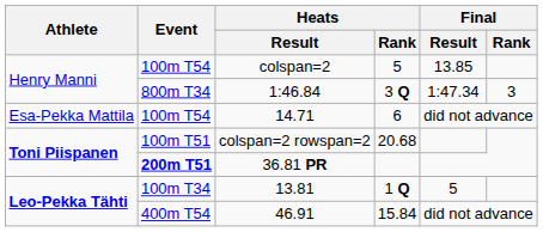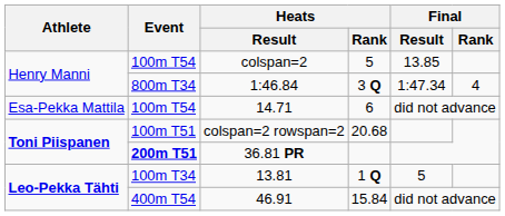 <table class=wikitable style="font-size:90%">
 <tr>
 <th rowspan="2">Athlete</th>
 <th rowspan="2">Event</th>
 <th colspan="2">Heats</th>
 <th colspan="2">Final</th>
 </tr>
 <tr>
 <th>Result</th>
 <th>Rank</th>
 <th>Result</th>
 <th>Rank</th>
 </tr>
 <tr align=center>
 <td align=left rowspan=2><a href='#'>Henry Manni</a></td>
 <td align=left><a href='#'>100m T54</a></td>
 <td>colspan=2 </td>
 <td>5</td>
 <td>13.85</td>
 </tr>
 <tr align=center>
 <td align=left><a href='#'>800m T34</a></td>
 <td>1:46.84</td>
 <td>3 <strong>Q</strong></td>
 <td>1:47.34</td>
-<td>3</td>
+<td>4</td>
 </tr>
 <tr align=center>
 <td align=left><a href='#'>Esa-Pekka Mattila</a></td>
 <td align=left><a href='#'>100m T54</a></td>
 <td>14.71</td>
 <td>6</td>
 <td colspan=2>did not advance</td>
 </tr>
 <tr align=center>
 <td align=left rowspan=2><strong><a href='#'>Toni Piispanen</a></strong></td>
 <td align=left><a href='#'>100m T51</a></td>
 <td>colspan=2 rowspan=2 </td>
 <td>20.68</td>
 <td></td>
 </tr>
 <tr align=center>
 <td align=left><strong><a href='#'>200m T51</a></strong></td>
 <td>36.81 <strong>PR</strong></td>
 <td></td>
 </tr>
 <tr align=center>
 <td align=left rowspan=2><strong><a href='#'>Leo-Pekka Tähti</a></strong></td>
 <td align=left><a href='#'>100m T34</a></td>
 <td>13.81</td>
 <td>1 <strong>Q</strong></td>
 <td>5</td>
 <td></td>
 </tr>
 <tr align=center>
 <td align=left><a href='#'>400m T54</a></td>
 <td>46.91</td>
 <td>15.84</td>
 <td colspan=2>did not advance</td>
 </tr>
 </table>
